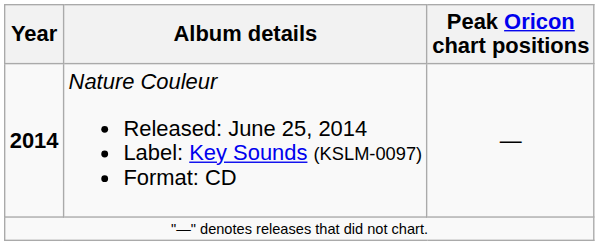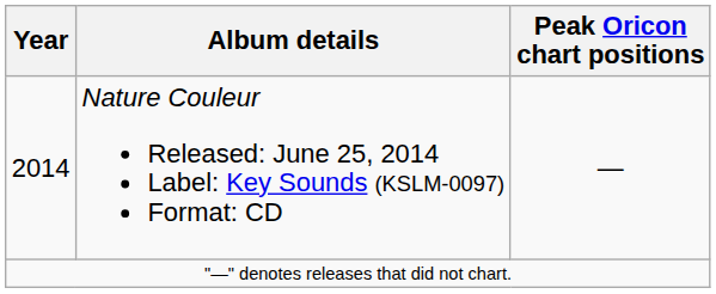 <table class="wikitable">
 <tr>
 <th>Year</th>
 <th>Album details</th>
 <th>Peak <a href='#'>Oricon</a><br> chart positions</th>
 </tr>
 <tr>
-<td><strong>2014</strong></td>
+<td>2014</td>
 <td><em>Nature Couleur</em><br><ul><li>Released: June 25, 2014</li><li>Label: <a href='#'>Key Sounds</a> <small>(KSLM-0097)</small></li><li>Format: CD</li></ul></td>
 <td align="center">—</td>
 </tr>
 <tr>
 <td align="center" colspan="13" style="font-size: 8pt">"—" denotes releases that did not chart.</td>
 </tr>
 </table>
